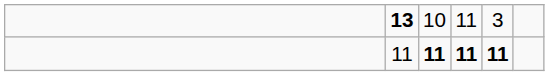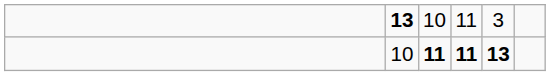 <table class="wikitable">
 <tr>
 <td style="width:18em"></td>
 <td align=center style="width:1em"><strong>13</strong></td>
 <td align=center style="width:1em">10</td>
 <td align=center style="width:1em">11</td>
 <td align=center style="width:1em">3</td>
 <td align=center style="width:1em"></td>
 </tr>
 <tr>
 <td style="width:18em"></td>
-<td align=center style="width:1em">11</td>
+<td align=center style="width:1em">10</td>
 <td align=center style="width:1em"><strong>11</strong></td>
 <td align=center style="width:1em"><strong>11</strong></td>
-<td align=center style="width:1em"><strong>11</strong></td>
+<td align=center style="width:1em"><strong>13</strong></td>
 <td align=center style="width:1em"></td>
 </tr>
 </table>
